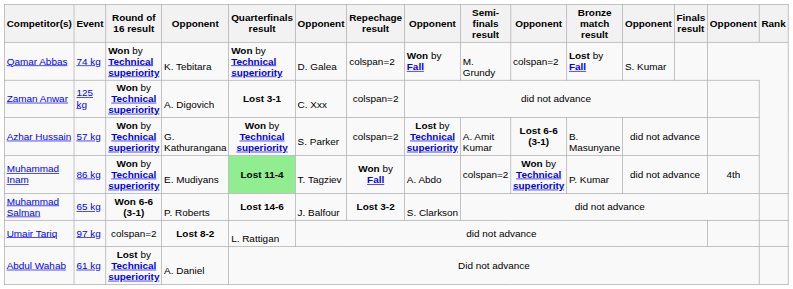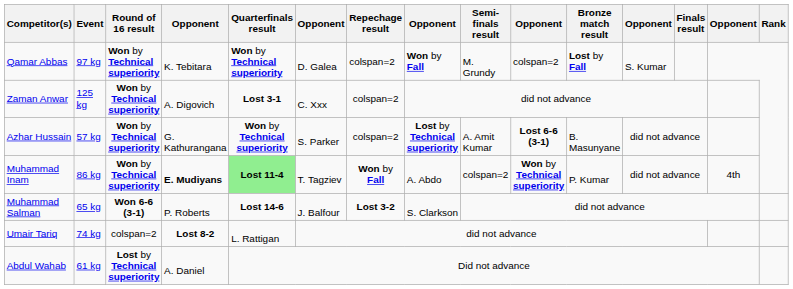 <table class=wikitable style="font-size:90%">
 <tr>
 <th width=150>Competitor(s)</th>
 <th width=75>Event</th>
 <th width=75>Round of 16 result</th>
 <th width=150>Opponent</th>
 <th width=75>Quarterfinals result</th>
 <th width=150>Opponent</th>
 <th width=75>Repechage result</th>
 <th width=150>Opponent</th>
 <th width=75>Semi-finals result</th>
 <th width=150>Opponent</th>
 <th width=75>Bronze match result</th>
 <th width=150>Opponent</th>
 <th width=75>Finals result</th>
 <th width=150>Opponent</th>
 <th rowspan=1 width=50>Rank</th>
 </tr>
 <tr>
 <td align=left><a href='#'>Qamar Abbas</a></td>
-<td align=left><a href='#'>74 kg</a></td>
+<td align=left><a href='#'>97 kg</a></td>
 <td><strong>Won</strong> by <strong><a href='#'>Technical superiority</a></strong></td>
 <td align=left><br>K. Tebitara</td>
 <td><strong>Won</strong> by <strong><a href='#'>Technical superiority</a></strong></td>
 <td align=left><br>D. Galea</td>
 <td>colspan=2 </td>
 <td><strong>Won</strong> by <strong><a href='#'>Fall</a></strong></td>
 <td align=left><br>M. Grundy</td>
 <td>colspan=2 </td>
 <td><strong>Lost</strong> by <strong><a href='#'>Fall</a></strong></td>
 <td align=left><br>S. Kumar</td>
 <td align=center></td>
 </tr>
 <tr align=center>
 <td align=left><a href='#'>Zaman Anwar</a></td>
 <td align=left><a href='#'>125 kg</a></td>
 <td><strong>Won</strong> by <strong><a href='#'>Technical superiority</a></strong></td>
 <td align=left><br>A. Digovich</td>
 <td><strong>Lost 3-1</strong></td>
 <td align=left><br>C. Xxx</td>
 <td>colspan=2 </td>
 <td colspan=6>did not advance</td>
 <td></td>
 </tr>
 <tr align=center>
 <td align=left><a href='#'>Azhar Hussain</a></td>
 <td align=left><a href='#'>57 kg</a></td>
 <td><strong>Won</strong> by <strong><a href='#'>Technical superiority</a></strong></td>
 <td align=left><br>G. Kathurangana</td>
 <td><strong>Won</strong> by <strong><a href='#'>Technical superiority</a></strong></td>
 <td align=left><br>S. Parker</td>
 <td>colspan=2 </td>
 <td><strong>Lost</strong> by <strong><a href='#'>Technical superiority</a></strong></td>
 <td align=left><br>A. Amit Kumar</td>
 <td><strong>Lost 6-6 (3-1)</strong></td>
 <td align=left><br>B. Masunyane</td>
 <td colspan=2>did not advance</td>
 <td></td>
 </tr>
 <tr align=center>
 <td align=left><a href='#'>Muhammad Inam</a></td>
 <td align=left><a href='#'>86 kg</a></td>
 <td><strong>Won</strong> by <strong><a href='#'>Technical superiority</a></strong></td>
-<td align=left> <br> E. Mudiyans</td>
+<td align=left><strong> <br> E. Mudiyans</strong></td>
 <td style="background: lightgreen;"><strong>Lost 11-4</strong></td>
 <td align=left> <br> T. Tagziev</td>
 <td><strong>Won</strong> by <strong><a href='#'>Fall</a></strong></td>
 <td align=left><br>A. Abdo</td>
 <td>colspan=2 </td>
 <td><strong>Won</strong> by <strong><a href='#'>Technical superiority</a></strong></td>
 <td align=left><br>P. Kumar</td>
 <td colspan=2>did not advance</td>
 <td align=center>4th</td>
 </tr>
 <tr align=center>
 <td align=left><a href='#'>Muhammad Salman</a></td>
 <td align=left><a href='#'>65 kg</a></td>
 <td><strong>Won 6-6 (3-1)</strong></td>
 <td align=left> <br> P. Roberts</td>
 <td><strong>Lost 14-6</strong></td>
 <td align=left> <br> J. Balfour</td>
 <td><strong>Lost 3-2</strong></td>
 <td align=left> <br> S. Clarkson</td>
 <td colspan=6>did not advance</td>
 <td></td>
 </tr>
 <tr align=center>
 <td align=left><a href='#'>Umair Tariq</a></td>
-<td align=left><a href='#'>97 kg</a></td>
+<td align=left><a href='#'>74 kg</a></td>
 <td>colspan=2 </td>
 <td><strong>Lost 8-2</strong></td>
 <td align=left><br>L. Rattigan</td>
 <td colspan=8>did not advance</td>
 <td></td>
 </tr>
 <tr align=center>
 <td align=left><a href='#'>Abdul Wahab</a></td>
 <td align=left><a href='#'>61 kg</a></td>
 <td><strong>Lost</strong> by <strong><a href='#'>Technical superiority</a></strong></td>
 <td align=left><br>A. Daniel</td>
 <td colspan=10>Did not advance</td>
 <td></td>
 </tr>
 </table>
